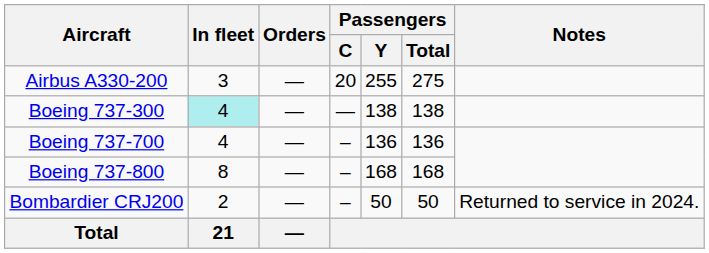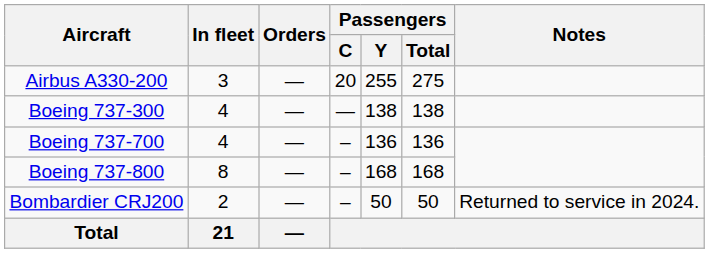 <table class="wikitable" style="margin:0.5em auto; text-align:center">
 <tr>
 <th rowspan=2>Aircraft</th>
 <th rowspan=2>In fleet</th>
 <th rowspan=2>Orders</th>
 <th colspan=3>Passengers</th>
 <th rowspan=2>Notes</th>
 </tr>
 <tr>
 <th><abbr>C</abbr></th>
 <th><abbr>Y</abbr></th>
 <th>Total</th>
 </tr>
 <tr>
 <td><a href='#'>Airbus A330-200</a></td>
 <td>3</td>
 <td>—</td>
 <td>20</td>
 <td>255</td>
 <td>275</td>
 <td></td>
 </tr>
 <tr>
 <td><a href='#'>Boeing 737-300</a></td>
-<td style="background: paleturquoise;">4</td>
+<td>4</td>
 <td>—</td>
 <td>—</td>
 <td>138</td>
 <td>138</td>
 <td></td>
 </tr>
 <tr>
 <td><a href='#'>Boeing 737-700</a></td>
 <td>4</td>
 <td>—</td>
 <td>–</td>
 <td>136</td>
 <td>136</td>
 <td rowspan="2"></td>
 </tr>
 <tr>
 <td><a href='#'>Boeing 737-800</a></td>
 <td>8</td>
 <td>—</td>
 <td>–</td>
 <td>168</td>
 <td>168</td>
 </tr>
 <tr>
 <td><a href='#'>Bombardier CRJ200</a></td>
 <td>2</td>
 <td>—</td>
 <td>–</td>
 <td>50</td>
 <td>50</td>
 <td>Returned to service in 2024.</td>
 </tr>
 <tr>
 <th>Total</th>
 <th>21</th>
 <th>—</th>
 <th colspan=4></th>
 </tr>
 </table>
